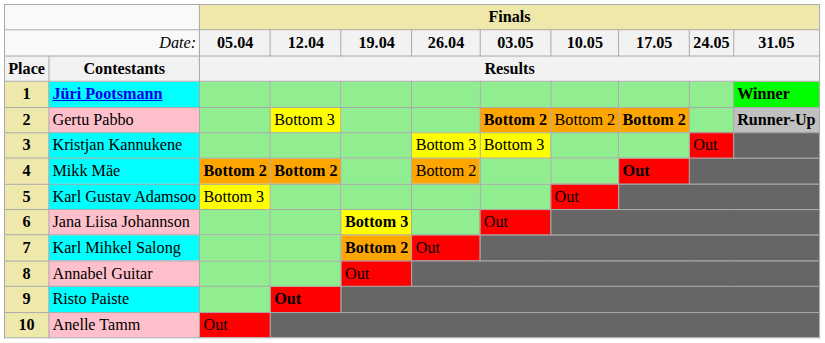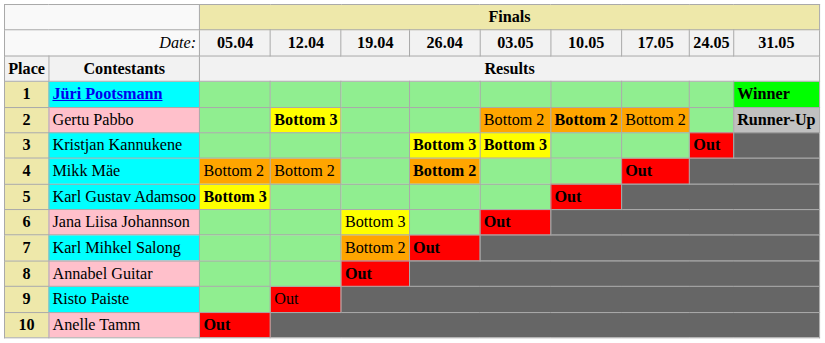 <table class="wikitable" align="center">
 <tr>
 <td colspan="2" align="right"></td>
 <td colspan="9" bgcolor="palegoldenrod" align="Center"><strong>Finals</strong></td>
 </tr>
 <tr>
 <td colspan="2" align="right"><em>Date:</em></td>
 <th>05.04</th>
 <th>12.04</th>
 <th>19.04</th>
 <th>26.04</th>
 <th>03.05</th>
 <th>10.05</th>
 <th>17.05</th>
 <th>24.05</th>
 <th>31.05</th>
 </tr>
 <tr>
 <th>Place</th>
 <th>Contestants</th>
 <th colspan="13" align="center">Results</th>
 </tr>
 <tr>
 <td align="center" bgcolor="palegoldenrod"><strong>1</strong></td>
 <td bgcolor="cyan"><strong><a href='#'>Jüri Pootsmann</a></strong></td>
 <td style="background: lightgreen"></td>
 <td style="background: lightgreen"></td>
 <td style="background: lightgreen"></td>
 <td style="background: lightgreen"></td>
 <td style="background: lightgreen"></td>
 <td style="background: lightgreen"></td>
 <td style="background: lightgreen"></td>
 <td style="background: lightgreen"></td>
 <td style="background: Lime"><strong>Winner</strong></td>
 </tr>
 <tr>
 <td align="center" bgcolor="palegoldenrod"><strong>2</strong></td>
 <td bgcolor="pink">Gertu Pabbo</td>
 <td style="background: lightgreen"></td>
-<td style="background: yellow">Bottom 3</td>
+<td style="background: yellow"><strong>Bottom 3</strong></td>
 <td style="background: lightgreen"></td>
 <td style="background: lightgreen"></td>
+<td style="background: orange">Bottom 2</td>
 <td style="background: orange"><strong>Bottom 2</strong></td>
 <td style="background: orange">Bottom 2</td>
-<td style="background: orange"><strong>Bottom 2</strong></td>
 <td style="background: lightgreen"></td>
 <td style="background: silver"><strong>Runner-Up</strong></td>
 </tr>
 <tr>
 <td align="center" bgcolor="palegoldenrod"><strong>3</strong></td>
 <td bgcolor="cyan">Kristjan Kannukene</td>
 <td style="background: lightgreen"></td>
 <td style="background: lightgreen"></td>
 <td style="background: lightgreen"></td>
-<td style="background: yellow">Bottom 3</td>
-<td style="background: yellow">Bottom 3</td>
+<td style="background: yellow"><strong>Bottom 3</strong></td>
+<td style="background: yellow"><strong>Bottom 3</strong></td>
 <td style="background: lightgreen"></td>
 <td style="background: lightgreen"></td>
-<td style="background: red"><span>Out</span></td>
+<td style="background: red"><strong><span>Out</span></strong></td>
 <td colspan="1" bgcolor="666666"></td>
 </tr>
 <tr>
 <td align="center" bgcolor="palegoldenrod"><strong>4</strong></td>
 <td bgcolor="cyan">Mikk Mäe</td>
+<td style="background: orange">Bottom 2</td>
+<td style="background: orange">Bottom 2</td>
+<td style="background: lightgreen"></td>
 <td style="background: orange"><strong>Bottom 2</strong></td>
-<td style="background: orange"><strong>Bottom 2</strong></td>
-<td style="background: lightgreen"></td>
-<td style="background: orange">Bottom 2</td>
 <td style="background: lightgreen"></td>
 <td style="background: lightgreen"></td>
 <td style="background: red"><strong><span>Out</span></strong></td>
 <td colspan="2" bgcolor="666666"></td>
 </tr>
 <tr>
 <td align="center" bgcolor="palegoldenrod"><strong>5</strong></td>
 <td bgcolor="cyan">Karl Gustav Adamsoo</td>
-<td style="background: yellow">Bottom 3</td>
+<td style="background: yellow"><strong>Bottom 3</strong></td>
 <td style="background: lightgreen"></td>
 <td style="background: lightgreen"></td>
 <td style="background: lightgreen"></td>
 <td style="background: lightgreen"></td>
-<td style="background: red"><span>Out</span></td>
+<td style="background: red"><strong><span>Out</span></strong></td>
 <td colspan="3" bgcolor="666666"></td>
 </tr>
 <tr>
 <td align="center" bgcolor="palegoldenrod"><strong>6</strong></td>
 <td bgcolor="pink">Jana Liisa Johannson</td>
 <td style="background: lightgreen"></td>
 <td style="background: lightgreen"></td>
-<td style="background: yellow"><strong>Bottom 3</strong></td>
+<td style="background: yellow">Bottom 3</td>
 <td style="background: lightgreen"></td>
-<td style="background: red"><span>Out</span></td>
+<td style="background: red"><strong><span>Out</span></strong></td>
 <td colspan="4" bgcolor="666666"></td>
 </tr>
 <tr>
 <td align="center" bgcolor="palegoldenrod"><strong>7</strong></td>
 <td bgcolor="cyan">Karl Mihkel Salong</td>
 <td style="background: lightgreen"></td>
 <td style="background: lightgreen"></td>
-<td style="background: orange"><strong>Bottom 2</strong></td>
-<td style="background: red"><span>Out</span></td>
+<td style="background: orange">Bottom 2</td>
+<td style="background: red"><strong><span>Out</span></strong></td>
 <td colspan="5" bgcolor="666666"></td>
 </tr>
 <tr>
 <td align="center" bgcolor="palegoldenrod"><strong>8</strong></td>
 <td bgcolor="pink">Annabel Guitar</td>
 <td style="background: lightgreen"></td>
 <td style="background: lightgreen"></td>
-<td style="background: red"><span>Out</span></td>
+<td style="background: red"><strong><span>Out</span></strong></td>
 <td colspan="6" bgcolor="666666"></td>
 </tr>
 <tr>
 <td align="center" bgcolor="palegoldenrod"><strong>9</strong></td>
 <td bgcolor="cyan">Risto Paiste</td>
 <td style="background: lightgreen"></td>
-<td style="background: red"><strong><span>Out</span></strong></td>
+<td style="background: red"><span>Out</span></td>
 <td colspan="7" bgcolor="666666"></td>
 </tr>
 <tr>
 <td align="center" bgcolor="palegoldenrod"><strong>10</strong></td>
 <td bgcolor="pink">Anelle Tamm</td>
-<td style="background: red"><span>Out</span></td>
+<td style="background: red"><strong><span>Out</span></strong></td>
 <td colspan="8" bgcolor="666666"></td>
 </tr>
 </table>
